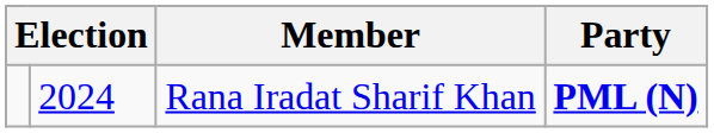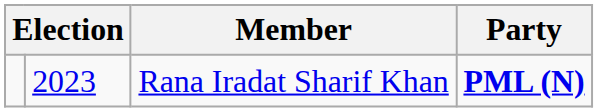 <table class="wikitable">
 <tr>
 <th colspan="2">Election</th>
 <th>Member</th>
 <th>Party</th>
 </tr>
 <tr>
 <td style="background-color: "></td>
-<td><a href='#'>2024</a></td>
+<td><a href='#'>2023</a></td>
 <td><a href='#'>Rana Iradat Sharif Khan</a></td>
 <td><strong><a href='#'>PML (N)</a></strong></td>
 </tr>
 </table>
